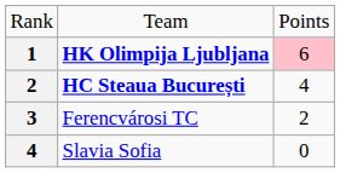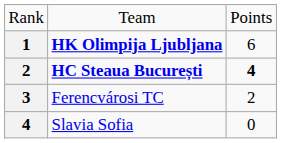 <table class="wikitable" style="text-align: center;">
 <tr>
 <td>Rank</td>
 <td>Team</td>
 <td>Points</td>
 </tr>
 <tr>
 <th>1</th>
 <td style="text-align: left;"> <strong><a href='#'>HK Olimpija Ljubljana</a></strong></td>
-<td style="background: pink;">6</td>
+<td>6</td>
 </tr>
 <tr>
 <th>2</th>
 <td style="text-align: left;"> <strong><a href='#'>HC Steaua București</a></strong></td>
-<td>4</td>
+<td><strong>4</strong></td>
 </tr>
 <tr>
 <th>3</th>
 <td style="text-align: left;"> <a href='#'>Ferencvárosi TC</a></td>
 <td>2</td>
 </tr>
 <tr>
 <th>4</th>
 <td style="text-align: left;"> <a href='#'>Slavia Sofia</a></td>
 <td>0</td>
 </tr>
 </table>
